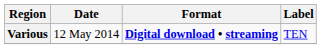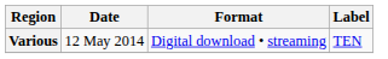 <table class="wikitable plainrowheaders">
 <tr>
 <th scope="col">Region</th>
 <th scope="col">Date</th>
 <th scope="col">Format</th>
 <th scope="col">Label</th>
 </tr>
 <tr>
 <th scope="row">Various</th>
 <td>12 May 2014</td>
-<td rowspan="1"><strong><a href='#'>Digital download</a> • <a href='#'>streaming</a></strong></td>
+<td rowspan="1"><a href='#'>Digital download</a> • <a href='#'>streaming</a></td>
 <td rowspan="1"><a href='#'>TEN</a></td>
 </tr>
 <tr>
 </tr>
 </table>
